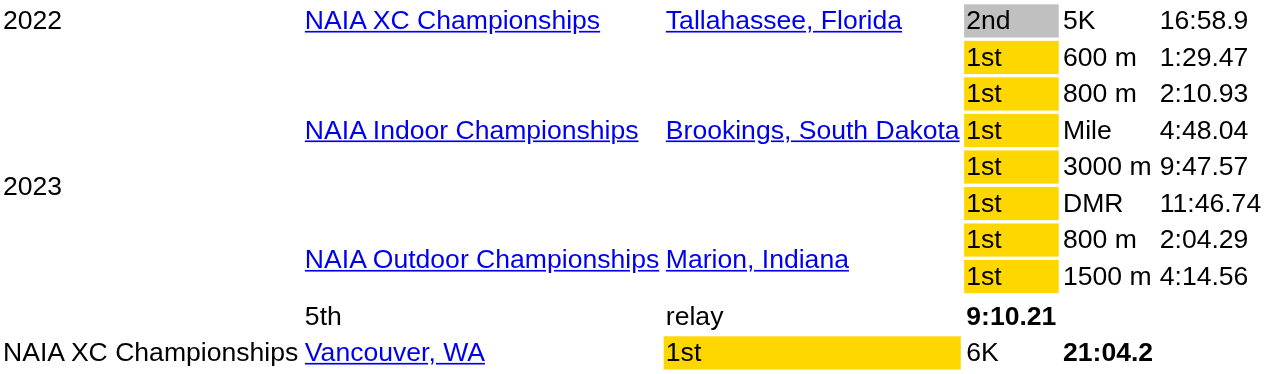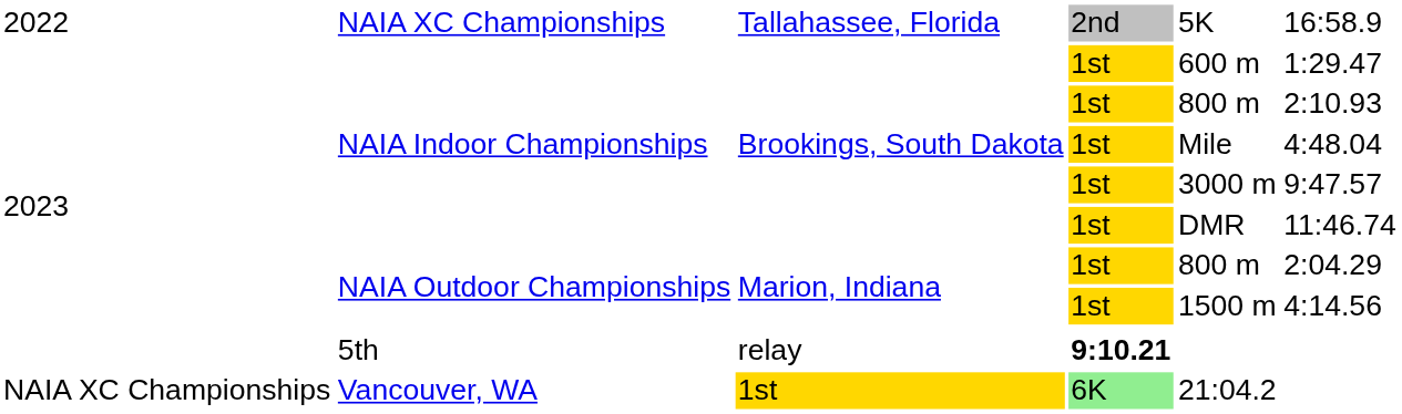 <table>
 <tr>
 <td>2022</td>
 <td><a href='#'>NAIA XC Championships</a></td>
 <td><a href='#'>Tallahassee, Florida</a></td>
 <td bgcolor=silver>2nd</td>
 <td>5K</td>
 <td>16:58.9</td>
 </tr>
 <tr>
 <td rowspan=9>2023</td>
 <td rowspan=5><a href='#'>NAIA Indoor Championships</a></td>
 <td rowspan=5><a href='#'>Brookings, South Dakota</a></td>
 <td bgcolor=gold>1st</td>
 <td>600 m</td>
 <td>1:29.47</td>
 </tr>
 <tr>
 <td bgcolor=gold>1st</td>
 <td>800 m</td>
 <td>2:10.93</td>
 </tr>
 <tr>
 <td bgcolor=gold>1st</td>
 <td>Mile</td>
 <td>4:48.04</td>
 </tr>
 <tr>
 <td bgcolor=gold>1st</td>
 <td>3000 m</td>
 <td>9:47.57</td>
 </tr>
 <tr>
 <td bgcolor=gold>1st</td>
 <td>DMR</td>
 <td>11:46.74</td>
 </tr>
 <tr>
 <td rowspan=3><a href='#'>NAIA Outdoor Championships</a></td>
 <td rowspan=3><a href='#'>Marion, Indiana</a></td>
 <td bgcolor=gold>1st</td>
 <td>800 m</td>
 <td>2:04.29</td>
 </tr>
 <tr>
 <td bgcolor=gold>1st</td>
 <td>1500 m</td>
 <td>4:14.56</td>
 </tr>
 <tr>
 </tr>
 <tr>
 <td>5th</td>
 <td> relay</td>
 <td><strong>9:10.21</strong></td>
 </tr>
 <tr>
 <td 2023 NAIA Cross Country Championships>NAIA XC Championships</td>
 <td><a href='#'>Vancouver, WA</a></td>
 <td bgcolor=gold>1st</td>
-<td>6K</td>
-<td><strong>21:04.2</strong></td>
+<td style="background: lightgreen;">6K</td>
+<td>21:04.2</td>
 </tr>
 <tr>
 </tr>
 </table>
